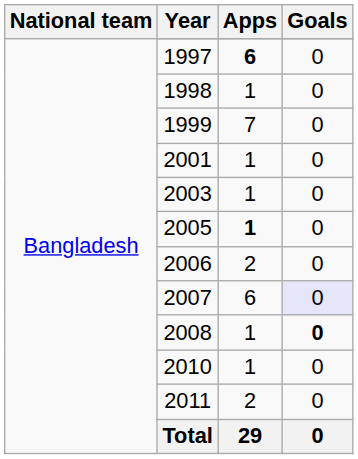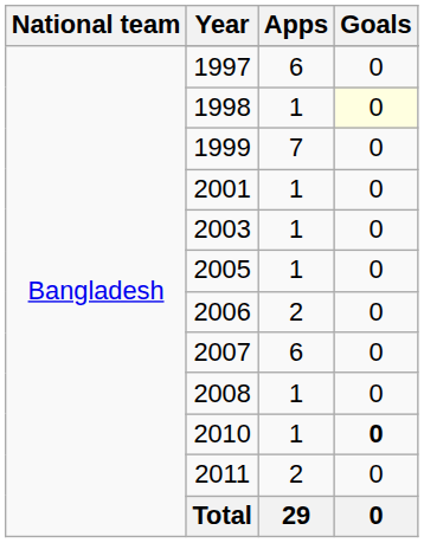 <table class="wikitable" style="text-align: center;">
 <tr>
 <th>National team</th>
 <th>Year</th>
 <th>Apps</th>
 <th>Goals</th>
 </tr>
 <tr>
 <td rowspan="13"><a href='#'>Bangladesh</a></td>
 </tr>
 <tr>
 <td>1997</td>
-<td><strong>6</strong></td>
+<td>6</td>
 <td>0</td>
 </tr>
 <tr>
 <td>1998</td>
 <td>1</td>
-<td>0</td>
+<td style="background: lightyellow;">0</td>
 </tr>
 <tr>
 <td>1999</td>
 <td>7</td>
 <td>0</td>
 </tr>
 <tr>
 <td>2001</td>
 <td>1</td>
 <td>0</td>
 </tr>
 <tr>
 <td>2003</td>
 <td>1</td>
 <td>0</td>
 </tr>
 <tr>
 <td>2005</td>
-<td><strong>1</strong></td>
+<td>1</td>
 <td>0</td>
 </tr>
 <tr>
 <td>2006</td>
 <td>2</td>
 <td>0</td>
 </tr>
 <tr>
 <td>2007</td>
 <td>6</td>
-<td style="background: lavender;">0</td>
+<td>0</td>
 </tr>
 <tr>
 <td>2008</td>
 <td>1</td>
-<td><strong>0</strong></td>
+<td>0</td>
 </tr>
 <tr>
 <td>2010</td>
 <td>1</td>
-<td>0</td>
+<td><strong>0</strong></td>
 </tr>
 <tr>
 <td>2011</td>
 <td>2</td>
 <td>0</td>
 </tr>
 <tr>
 <th>Total</th>
 <th>29</th>
 <th>0</th>
 </tr>
 </table>
